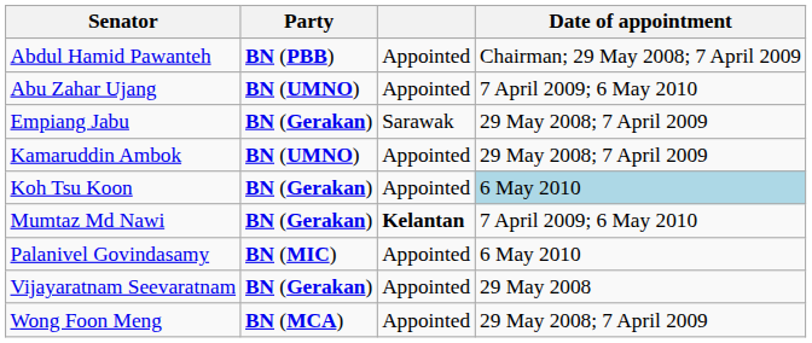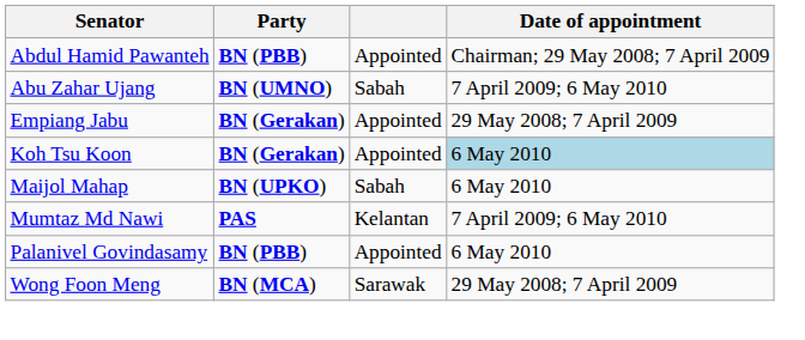 <table class="wikitable sortable">
 <tr>
 <th>Senator</th>
 <th>Party</th>
 <th></th>
 <th>Date of appointment</th>
 </tr>
 <tr>
 <td><a href='#'>Abdul Hamid Pawanteh</a></td>
 <td><strong><a href='#'>BN</a></strong> (<strong><a href='#'>PBB</a></strong>)</td>
 <td>Appointed</td>
 <td>Chairman; 29 May 2008; 7 April 2009</td>
 </tr>
 <tr>
 <td><a href='#'>Abu Zahar Ujang</a></td>
 <td><strong><a href='#'>BN</a></strong> (<strong><a href='#'>UMNO</a></strong>)</td>
-<td>Appointed</td>
+<td>Sabah</td>
 <td>7 April 2009; 6 May 2010</td>
 </tr>
 <tr>
 <td><a href='#'>Empiang Jabu</a></td>
 <td><strong><a href='#'>BN</a></strong> (<strong><a href='#'>Gerakan</a></strong>)</td>
-<td>Sarawak</td>
-<td>29 May 2008; 7 April 2009</td>
-</tr>
-<tr>
-<td><a href='#'>Kamaruddin Ambok</a></td>
-<td><strong><a href='#'>BN</a></strong> (<strong><a href='#'>UMNO</a></strong>)</td>
 <td>Appointed</td>
 <td>29 May 2008; 7 April 2009</td>
 </tr>
 <tr>
 <td><a href='#'>Koh Tsu Koon</a></td>
 <td><strong><a href='#'>BN</a></strong> (<strong><a href='#'>Gerakan</a></strong>)</td>
 <td>Appointed</td>
 <td style="background: lightblue;">6 May 2010</td>
 </tr>
 <tr>
+<td><a href='#'>Maijol Mahap</a></td>
+<td><strong><a href='#'>BN</a></strong> (<strong><a href='#'>UPKO</a></strong>)</td>
+<td>Sabah</td>
+<td>6 May 2010</td>
+</tr>
+<tr>
 <td><a href='#'>Mumtaz Md Nawi</a></td>
-<td><strong><a href='#'>BN</a></strong> (<strong><a href='#'>Gerakan</a></strong>)</td>
-<td><strong>Kelantan</strong></td>
+<td><strong><a href='#'>PAS</a></strong></td>
+<td>Kelantan</td>
 <td>7 April 2009; 6 May 2010</td>
 </tr>
 <tr>
 <td><a href='#'>Palanivel Govindasamy</a></td>
-<td><strong><a href='#'>BN</a></strong> (<strong><a href='#'>MIC</a></strong>)</td>
+<td><strong><a href='#'>BN</a></strong> (<strong><a href='#'>PBB</a></strong>)</td>
 <td>Appointed</td>
 <td>6 May 2010</td>
 </tr>
 <tr>
-<td><a href='#'>Vijayaratnam Seevaratnam</a></td>
-<td><strong><a href='#'>BN</a></strong> (<strong><a href='#'>Gerakan</a></strong>)</td>
-<td>Appointed</td>
-<td>29 May 2008</td>
-</tr>
-<tr>
 <td><a href='#'>Wong Foon Meng</a></td>
 <td><strong><a href='#'>BN</a></strong> (<strong><a href='#'>MCA</a></strong>)</td>
-<td>Appointed</td>
+<td>Sarawak</td>
 <td>29 May 2008; 7 April 2009</td>
 </tr>
 </table>
